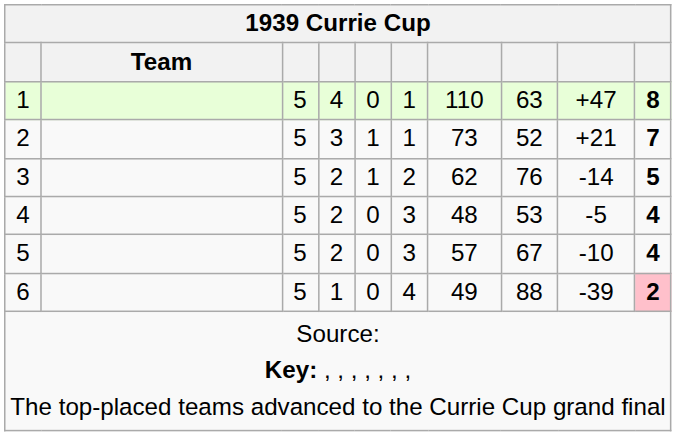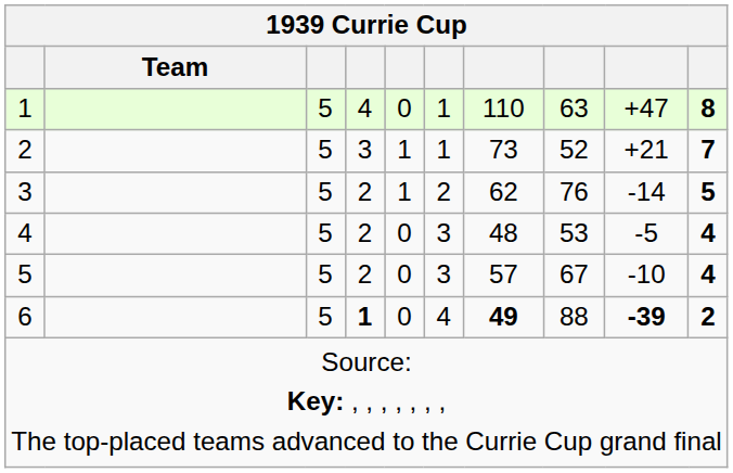 <table class="wikitable" style="min-width:50%; text-align:center">
 <tr>
 <th colspan="100%"><strong>1939 Currie Cup</strong></th>
 </tr>
 <tr>
 <th style="padding:0;"></th>
 <th style="width:9.5em;">Team</th>
 <th></th>
 <th></th>
 <th></th>
 <th></th>
 <th></th>
 <th></th>
 <th></th>
 <th><br></th>
 </tr>
 <tr style="background:#E8FFD8;">
 <td>1</td>
 <td align=left></td>
 <td>5</td>
 <td>4</td>
 <td>0</td>
 <td>1</td>
 <td>110</td>
 <td>63</td>
 <td>+47</td>
 <td><strong>8</strong></td>
 </tr>
 <tr>
 <td>2</td>
 <td align=left></td>
 <td>5</td>
 <td>3</td>
 <td>1</td>
 <td>1</td>
 <td>73</td>
 <td>52</td>
 <td>+21</td>
 <td><strong>7</strong></td>
 </tr>
 <tr>
 <td>3</td>
 <td align=left></td>
 <td>5</td>
 <td>2</td>
 <td>1</td>
 <td>2</td>
 <td>62</td>
 <td>76</td>
 <td>-14</td>
 <td><strong>5</strong></td>
 </tr>
 <tr>
 <td>4</td>
 <td align=left></td>
 <td>5</td>
 <td>2</td>
 <td>0</td>
 <td>3</td>
 <td>48</td>
 <td>53</td>
 <td>-5</td>
 <td><strong>4</strong></td>
 </tr>
 <tr>
 <td>5</td>
 <td align></td>
 <td>5</td>
 <td>2</td>
 <td>0</td>
 <td>3</td>
 <td>57</td>
 <td>67</td>
 <td>-10</td>
 <td><strong>4</strong></td>
 </tr>
 <tr>
 <td>6</td>
 <td align></td>
 <td>5</td>
-<td>1</td>
+<td><strong>1</strong></td>
 <td>0</td>
 <td>4</td>
-<td>49</td>
+<td><strong>49</strong></td>
 <td>88</td>
-<td>-39</td>
-<td style="background: pink;"><strong>2</strong></td>
+<td><strong>-39</strong></td>
+<td><strong>2</strong></td>
 </tr>
 <tr>
 <td colspan="100%" style="line-height:1.5;"><div> Source: <br><strong>Key:</strong> , , , , , , , <br><span>The top-placed teams</span> advanced to the Currie Cup grand final </div></td>
 </tr>
 </table>
